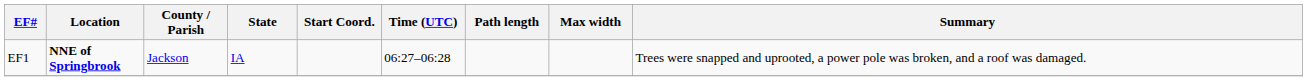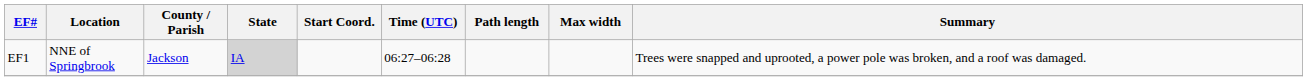 <table class="wikitable sortable" style="width:100%;">
 <tr>
 <th scope="col" style="width:3%; text-align:center;"><a href='#'>EF#</a></th>
 <th scope="col" style="width:7%; text-align:center;" class="unsortable">Location</th>
 <th scope="col" style="width:6%; text-align:center;" class="unsortable">County / Parish</th>
 <th scope="col" style="width:5%; text-align:center;">State</th>
 <th scope="col" style="width:6%; text-align:center;">Start Coord.</th>
 <th scope="col" style="width:6%; text-align:center;">Time (<a href='#'>UTC</a>)</th>
 <th scope="col" style="width:6%; text-align:center;">Path length</th>
 <th scope="col" style="width:6%; text-align:center;">Max width</th>
 <th scope="col" class="unsortable" style="width:48%; text-align:center;">Summary</th>
 </tr>
 <tr>
 <td bgcolor=>EF1</td>
-<td><strong>NNE of <a href='#'>Springbrook</a></strong></td>
+<td>NNE of <a href='#'>Springbrook</a></td>
 <td><a href='#'>Jackson</a></td>
-<td><a href='#'>IA</a></td>
+<td style="background: lightgrey;"><a href='#'>IA</a></td>
 <td></td>
 <td>06:27–06:28</td>
 <td></td>
 <td></td>
 <td>Trees were snapped and uprooted, a power pole was broken, and a roof was damaged.</td>
 </tr>
 <tr>
 </tr>
 </table>
